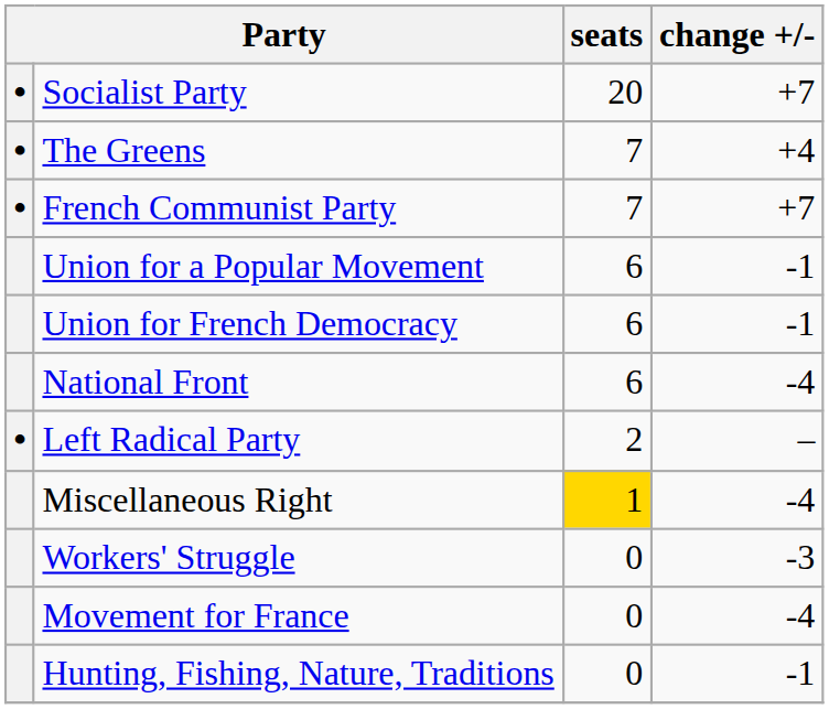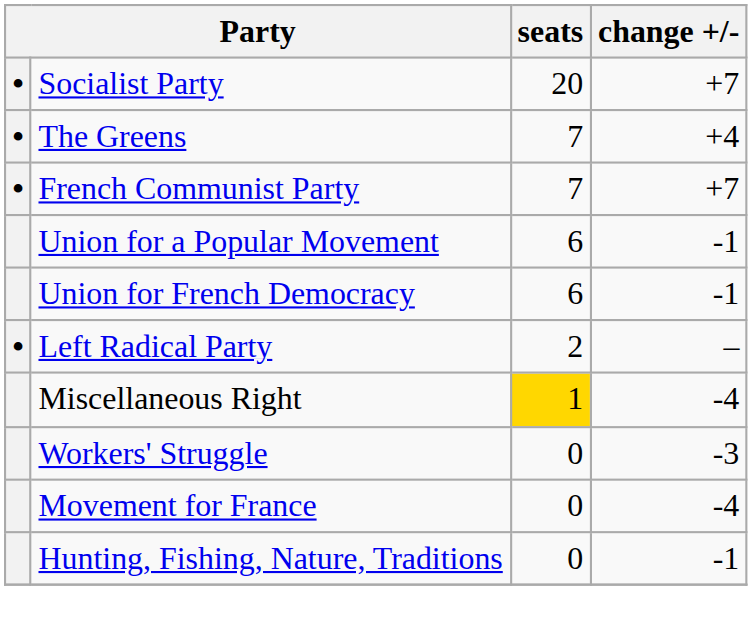 <table class="wikitable" style="font-size: 95%;">
 <tr>
 <th colspan=2>Party</th>
 <th>seats</th>
 <th>change +/-</th>
 </tr>
 <tr>
 <th style="background-color: "><span>•</span></th>
 <td><a href='#'>Socialist Party</a></td>
 <td align="right">20</td>
 <td align="right">+7</td>
 </tr>
 <tr>
 <th style="background-color: "><span>•</span></th>
 <td><a href='#'>The Greens</a></td>
 <td align="right">7</td>
 <td align="right">+4</td>
 </tr>
 <tr>
 <th style="background-color: "><span>•</span></th>
 <td><a href='#'>French Communist Party</a></td>
 <td align="right">7</td>
 <td align="right">+7</td>
 </tr>
 <tr>
 <th style="background-color: "></th>
 <td><a href='#'>Union for a Popular Movement</a></td>
 <td align="right">6</td>
 <td align="right">-1</td>
 </tr>
 <tr>
 <th style="background-color: "></th>
 <td><a href='#'>Union for French Democracy</a></td>
 <td align="right">6</td>
 <td align="right">-1</td>
 </tr>
 <tr>
-<th style="background-color: "></th>
-<td><a href='#'>National Front</a></td>
-<td align="right">6</td>
-<td align="right">-4</td>
-</tr>
-<tr>
 <th style="background-color: "><span>•</span></th>
 <td><a href='#'>Left Radical Party</a></td>
 <td align="right">2</td>
 <td align="right">–</td>
 </tr>
 <tr>
 <th style="background-color: "></th>
 <td>Miscellaneous Right</td>
 <td align="right" style="background: gold;">1</td>
 <td align="right">-4</td>
 </tr>
 <tr>
 <th style="background-color: "></th>
 <td><a href='#'>Workers' Struggle</a></td>
 <td align="right">0</td>
 <td align="right">-3</td>
 </tr>
 <tr>
 <th style="background-color: "></th>
 <td><a href='#'>Movement for France</a></td>
 <td align="right">0</td>
 <td align="right">-4</td>
 </tr>
 <tr>
 <th style="background-color: "></th>
 <td><a href='#'>Hunting, Fishing, Nature, Traditions</a></td>
 <td align="right">0</td>
 <td align="right">-1</td>
 </tr>
 <tr>
 </tr>
 </table>
